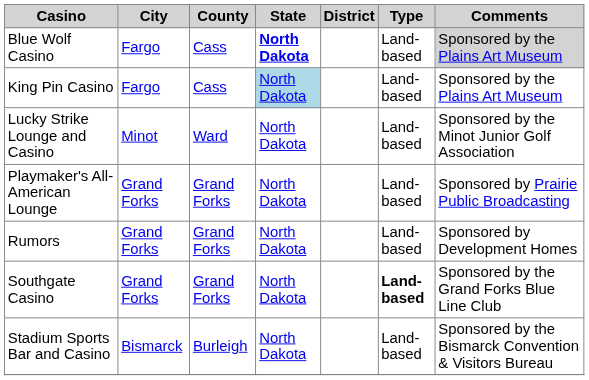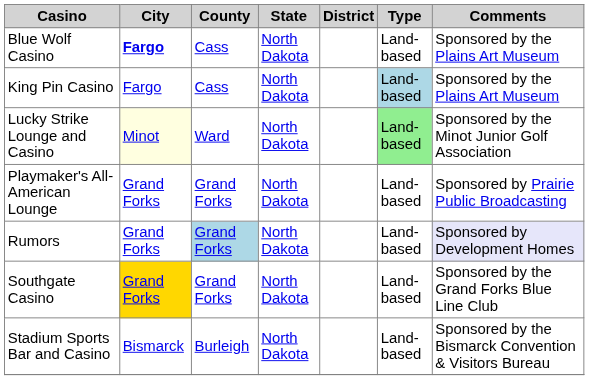 <table class="toccolours sortable" border="1" cellpadding="3" style="border-collapse:collapse">
 <tr bgcolor=lightgrey>
 <th>Casino</th>
 <th>City</th>
 <th>County</th>
 <th>State</th>
 <th>District</th>
 <th>Type</th>
 <th>Comments</th>
 </tr>
 <tr>
 <td>Blue Wolf Casino</td>
-<td><a href='#'>Fargo</a></td>
+<td><strong><a href='#'>Fargo</a></strong></td>
 <td><a href='#'>Cass</a></td>
-<td><strong><a href='#'>North Dakota</a></strong></td>
+<td><a href='#'>North Dakota</a></td>
 <td></td>
 <td>Land-based</td>
-<td style="background: lightgrey;">Sponsored by the <a href='#'>Plains Art Museum</a></td>
+<td>Sponsored by the <a href='#'>Plains Art Museum</a></td>
 </tr>
 <tr>
 <td>King Pin Casino</td>
 <td><a href='#'>Fargo</a></td>
 <td><a href='#'>Cass</a></td>
-<td style="background: lightblue;"><a href='#'>North Dakota</a></td>
+<td><a href='#'>North Dakota</a></td>
 <td></td>
-<td>Land-based</td>
+<td style="background: lightblue;">Land-based</td>
 <td>Sponsored by the <a href='#'>Plains Art Museum</a></td>
 </tr>
 <tr>
 <td>Lucky Strike Lounge and Casino</td>
-<td><a href='#'>Minot</a></td>
+<td style="background: lightyellow;"><a href='#'>Minot</a></td>
 <td><a href='#'>Ward</a></td>
 <td><a href='#'>North Dakota</a></td>
 <td></td>
-<td>Land-based</td>
+<td style="background: lightgreen;">Land-based</td>
 <td>Sponsored by the Minot Junior Golf Association</td>
 </tr>
 <tr>
 <td>Playmaker's All-American Lounge</td>
 <td><a href='#'>Grand Forks</a></td>
 <td><a href='#'>Grand Forks</a></td>
 <td><a href='#'>North Dakota</a></td>
 <td></td>
 <td>Land-based</td>
 <td>Sponsored by <a href='#'>Prairie Public Broadcasting</a></td>
 </tr>
 <tr>
 <td>Rumors</td>
 <td><a href='#'>Grand Forks</a></td>
+<td style="background: lightblue;"><a href='#'>Grand Forks</a></td>
+<td><a href='#'>North Dakota</a></td>
+<td></td>
+<td>Land-based</td>
+<td style="background: lavender;">Sponsored by Development Homes</td>
+</tr>
+<tr>
+<td>Southgate Casino</td>
+<td style="background: gold;"><a href='#'>Grand Forks</a></td>
 <td><a href='#'>Grand Forks</a></td>
 <td><a href='#'>North Dakota</a></td>
 <td></td>
 <td>Land-based</td>
-<td>Sponsored by Development Homes</td>
-</tr>
-<tr>
-<td>Southgate Casino</td>
-<td><a href='#'>Grand Forks</a></td>
-<td><a href='#'>Grand Forks</a></td>
-<td><a href='#'>North Dakota</a></td>
-<td></td>
-<td><strong>Land-based</strong></td>
 <td>Sponsored by the Grand Forks Blue Line Club</td>
 </tr>
 <tr>
 <td>Stadium Sports Bar and Casino</td>
 <td><a href='#'>Bismarck</a></td>
 <td><a href='#'>Burleigh</a></td>
 <td><a href='#'>North Dakota</a></td>
 <td></td>
 <td>Land-based</td>
 <td>Sponsored by the Bismarck Convention & Visitors Bureau</td>
 </tr>
 <tr>
 </tr>
 </table>
